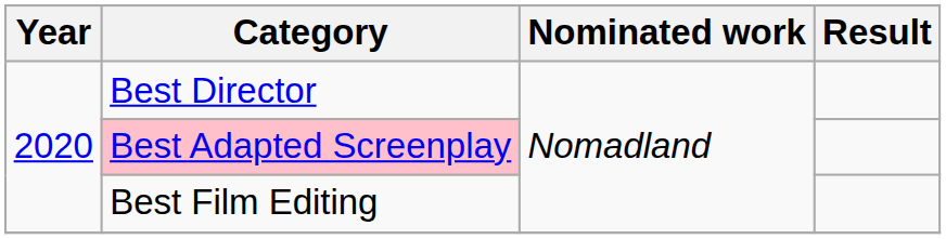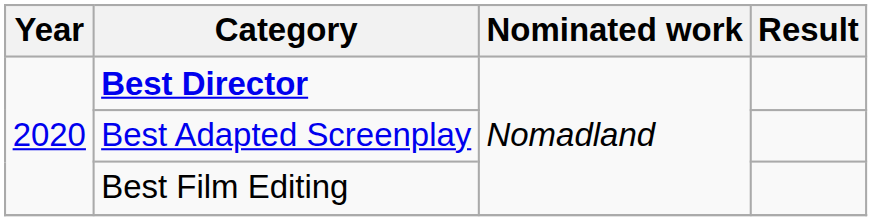 <table class="wikitable">
 <tr>
 <th>Year</th>
 <th>Category</th>
 <th>Nominated work</th>
 <th>Result</th>
 </tr>
 <tr>
 <td rowspan="3"><a href='#'>2020</a></td>
-<td><a href='#'>Best Director</a></td>
+<td><strong><a href='#'>Best Director</a></strong></td>
 <td rowspan=3><em>Nomadland</em></td>
 <td></td>
 </tr>
 <tr>
-<td style="background: pink;"><a href='#'>Best Adapted Screenplay</a></td>
+<td><a href='#'>Best Adapted Screenplay</a></td>
 <td></td>
 </tr>
 <tr>
 <td>Best Film Editing</td>
 <td></td>
 </tr>
 <tr>
 </tr>
 </table>
